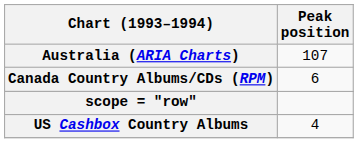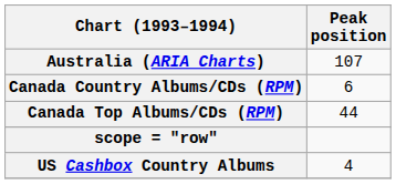 <table class="wikitable sortable plainrowheaders" style="text-align:center;">
 <tr>
 <th scope="col">Chart (1993–1994)</th>
 <th scope="col">Peak<br>position</th>
 </tr>
 <tr>
 <th scope = "row">Australia (<em><a href='#'>ARIA Charts</a></em>)</th>
 <td align="center">107</td>
 </tr>
 <tr>
 <th scope = "row">Canada Country Albums/CDs (<em><a href='#'>RPM</a></em>)</th>
 <td>6</td>
+</tr>
+<tr>
+<th scope = "row">Canada Top Albums/CDs (<em><a href='#'>RPM</a></em>)</th>
+<td>44</td>
 </tr>
 <tr>
 </tr>
 <tr>
 </tr>
 <tr>
 <th>scope = "row" </th>
 </tr>
 <tr>
 <th scope = "row">US <em><a href='#'>Cashbox</a></em> Country Albums</th>
 <td align="center">4</td>
 </tr>
 <tr>
 </tr>
 </table>
